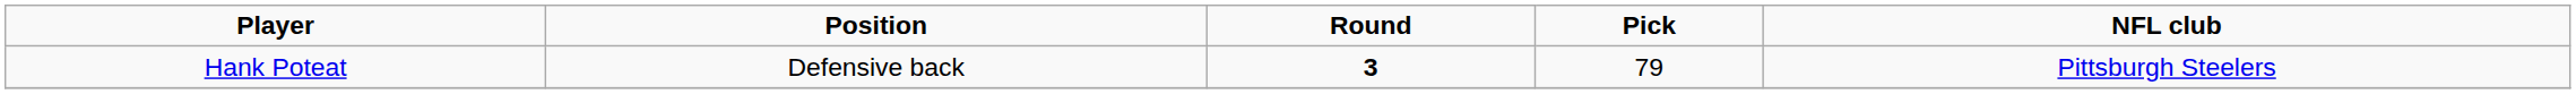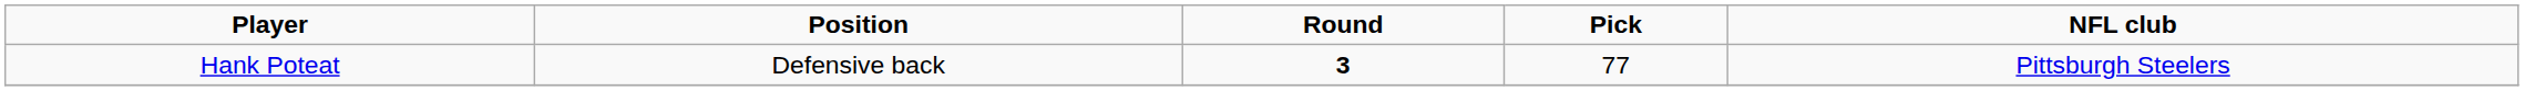 <table class="wikitable" style="width:80%;">
 <tr style="text-align:center; ">
 <td><strong>Player</strong></td>
 <td><strong>Position</strong></td>
 <td><strong>Round</strong></td>
 <td><strong>Pick</strong></td>
 <td><strong>NFL club</strong></td>
 </tr>
 <tr align="center" bgcolor="">
 <td><a href='#'>Hank Poteat</a></td>
 <td>Defensive back</td>
 <td><strong>3</strong></td>
-<td>79</td>
+<td>77</td>
 <td><a href='#'>Pittsburgh Steelers</a></td>
 </tr>
 <tr align="center" bgcolor="">
 </tr>
 </table>
